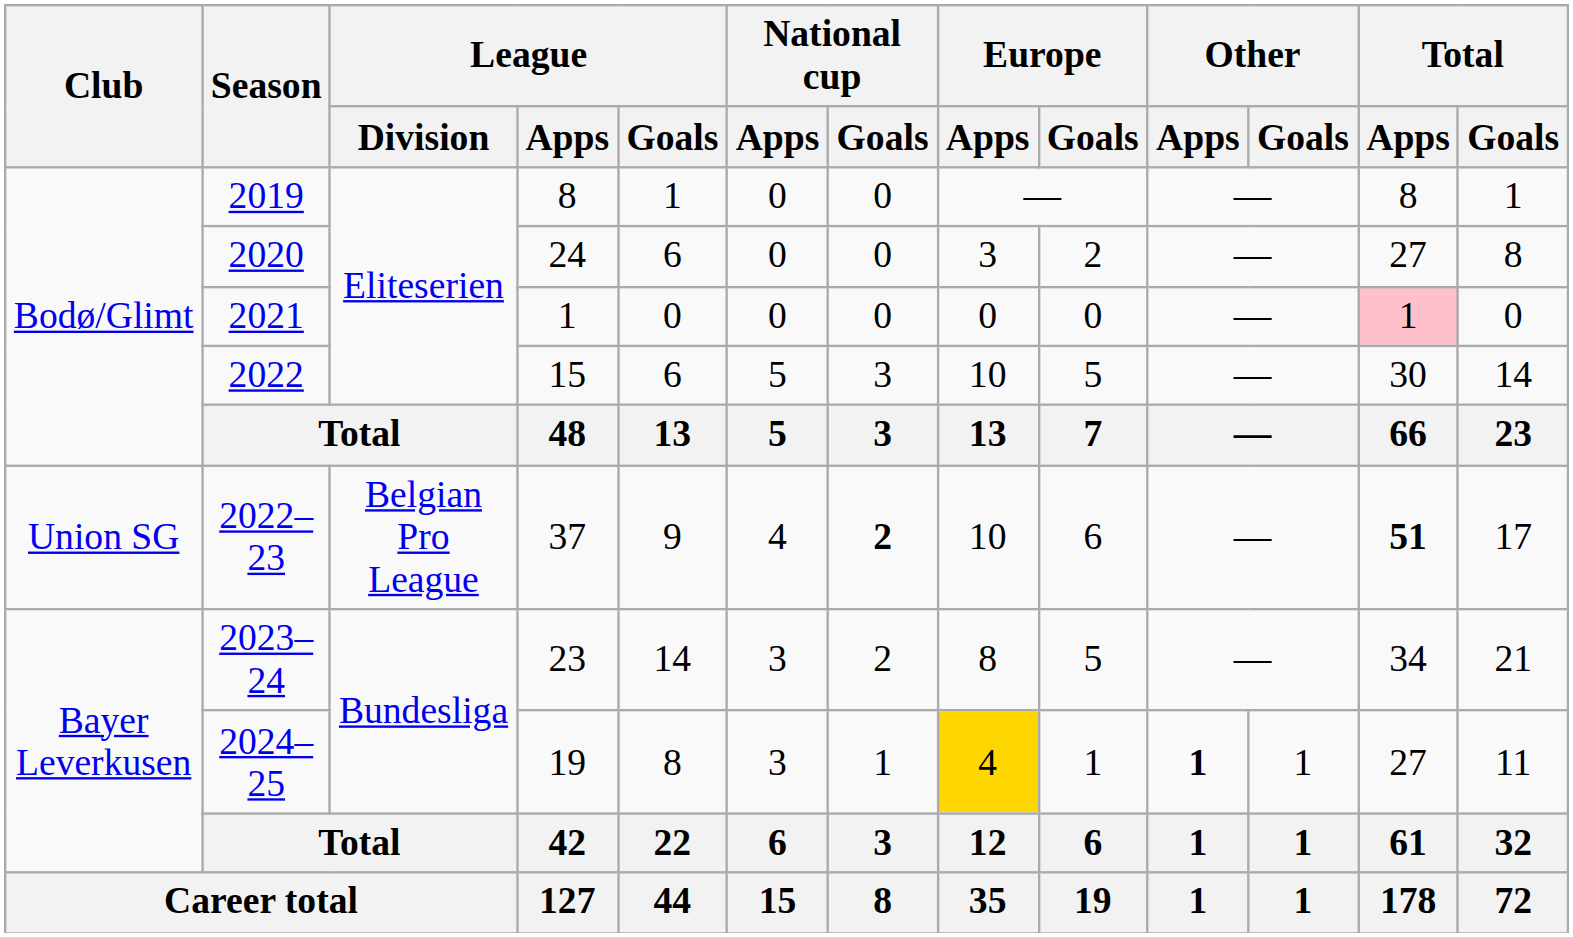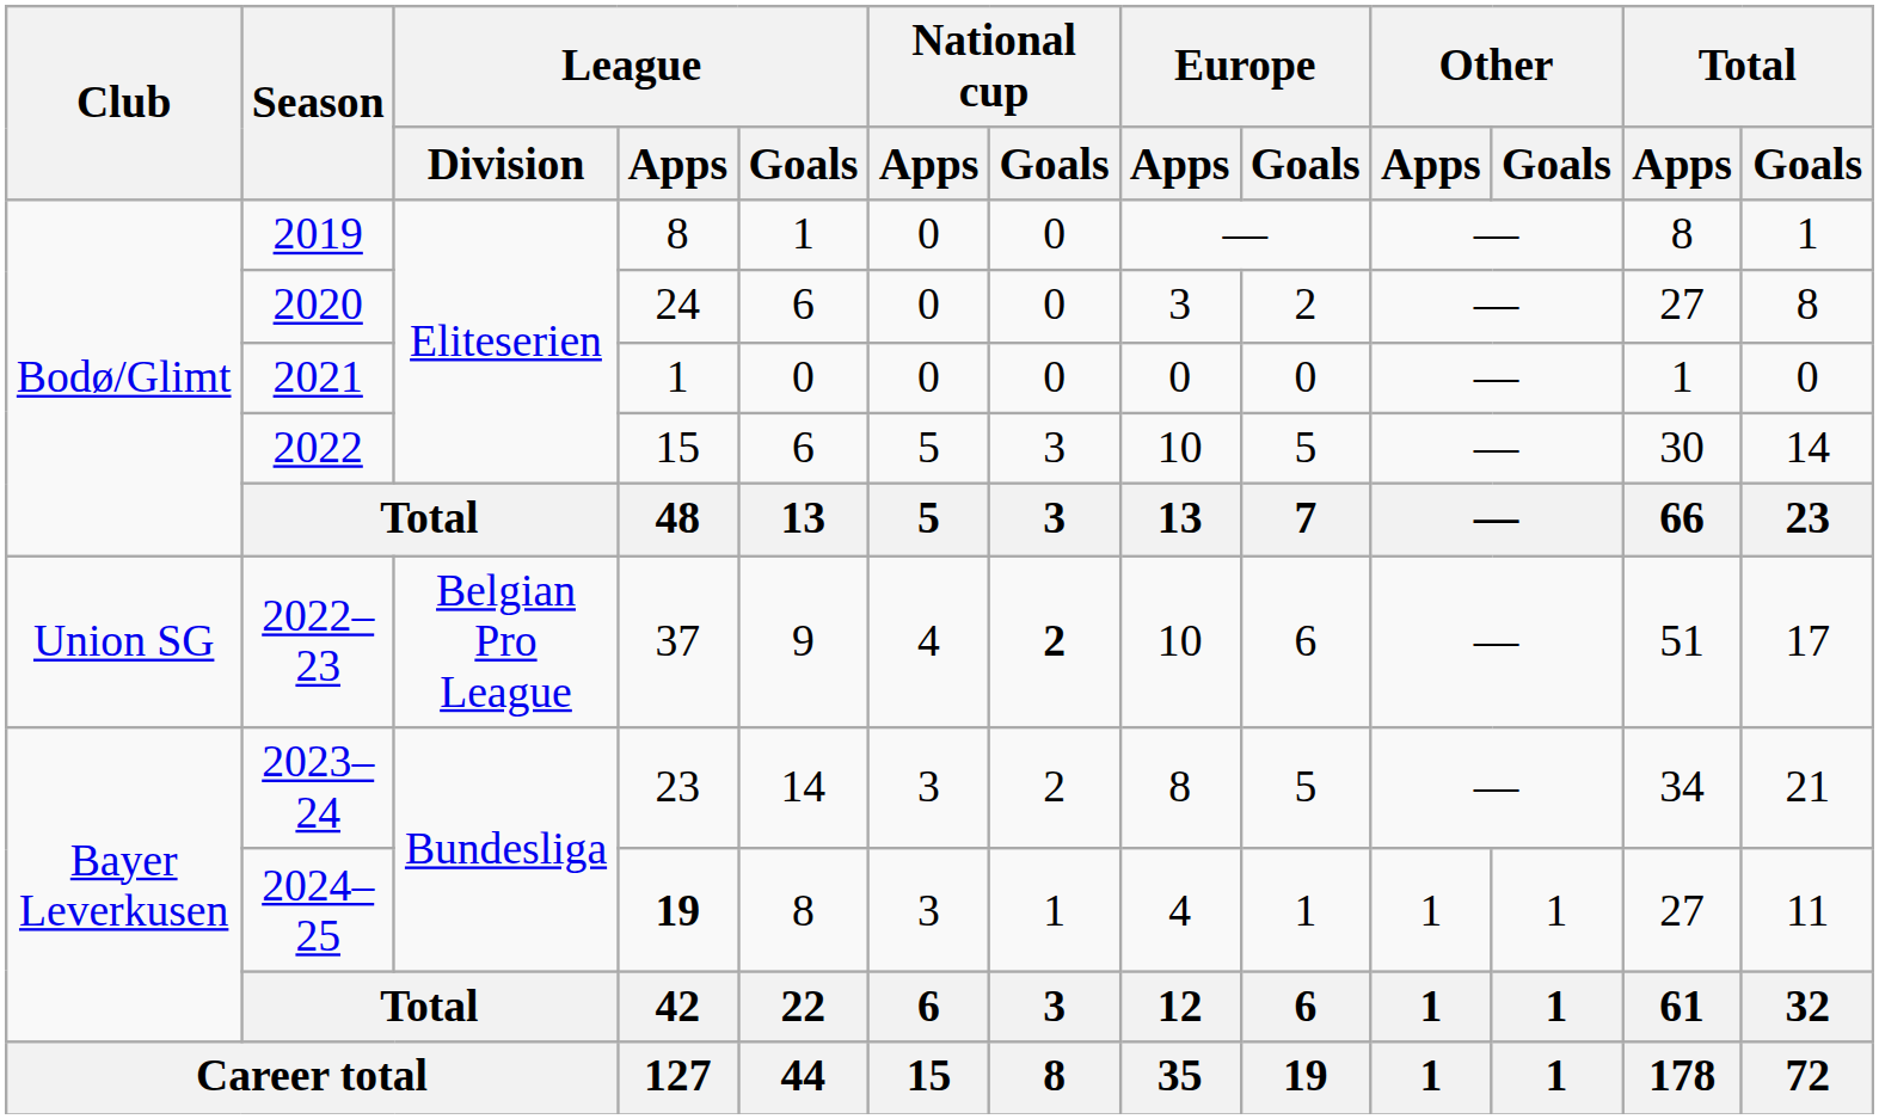 <table class="wikitable" style="text-align:center">
 <tr>
 <th rowspan="2">Club</th>
 <th rowspan="2">Season</th>
 <th colspan="3">League</th>
 <th colspan="2">National cup</th>
 <th colspan="2">Europe</th>
 <th colspan="2">Other</th>
 <th colspan="2">Total</th>
 </tr>
 <tr>
 <th>Division</th>
 <th>Apps</th>
 <th>Goals</th>
 <th>Apps</th>
 <th>Goals</th>
 <th>Apps</th>
 <th>Goals</th>
 <th>Apps</th>
 <th>Goals</th>
 <th>Apps</th>
 <th>Goals</th>
 </tr>
 <tr>
 <td rowspan="5"><a href='#'>Bodø/Glimt</a></td>
 <td><a href='#'>2019</a></td>
 <td rowspan="4"><a href='#'>Eliteserien</a></td>
 <td>8</td>
 <td>1</td>
 <td>0</td>
 <td>0</td>
 <td colspan="2">—</td>
 <td colspan="2">—</td>
 <td>8</td>
 <td>1</td>
 </tr>
 <tr>
 <td><a href='#'>2020</a></td>
 <td>24</td>
 <td>6</td>
 <td>0</td>
 <td>0</td>
 <td>3</td>
 <td>2</td>
 <td colspan="2">—</td>
 <td>27</td>
 <td>8</td>
 </tr>
 <tr>
 <td><a href='#'>2021</a></td>
 <td>1</td>
 <td>0</td>
 <td>0</td>
 <td>0</td>
 <td>0</td>
 <td>0</td>
 <td colspan="2">—</td>
-<td style="background: pink;">1</td>
+<td>1</td>
 <td>0</td>
 </tr>
 <tr>
 <td><a href='#'>2022</a></td>
 <td>15</td>
 <td>6</td>
 <td>5</td>
 <td>3</td>
 <td>10</td>
 <td>5</td>
 <td colspan="2">—</td>
 <td>30</td>
 <td>14</td>
 </tr>
 <tr>
 <th colspan="2">Total</th>
 <th>48</th>
 <th>13</th>
 <th>5</th>
 <th>3</th>
 <th>13</th>
 <th>7</th>
 <th colspan="2">—</th>
 <th>66</th>
 <th>23</th>
 </tr>
 <tr>
 <td><a href='#'>Union SG</a></td>
 <td><a href='#'>2022–23</a></td>
 <td><a href='#'>Belgian Pro League</a></td>
 <td>37</td>
 <td>9</td>
 <td>4</td>
 <td><strong>2</strong></td>
 <td>10</td>
 <td>6</td>
 <td colspan="2">—</td>
-<td><strong>51</strong></td>
+<td>51</td>
 <td>17</td>
 </tr>
 <tr>
 <td rowspan="3"><a href='#'>Bayer Leverkusen</a></td>
 <td><a href='#'>2023–24</a></td>
 <td rowspan="2"><a href='#'>Bundesliga</a></td>
 <td>23</td>
 <td>14</td>
 <td>3</td>
 <td>2</td>
 <td>8</td>
 <td>5</td>
 <td colspan="2">—</td>
 <td>34</td>
 <td>21</td>
 </tr>
 <tr>
 <td><a href='#'>2024–25</a></td>
-<td>19</td>
+<td><strong>19</strong></td>
 <td>8</td>
 <td>3</td>
 <td>1</td>
-<td style="background: gold;">4</td>
+<td>4</td>
 <td>1</td>
-<td><strong>1</strong></td>
+<td>1</td>
 <td>1</td>
 <td>27</td>
 <td>11</td>
 </tr>
 <tr>
 <th colspan="2">Total</th>
 <th>42</th>
 <th>22</th>
 <th>6</th>
 <th>3</th>
 <th>12</th>
 <th>6</th>
 <th>1</th>
 <th>1</th>
 <th>61</th>
 <th>32</th>
 </tr>
 <tr>
 <th colspan="3">Career total</th>
 <th>127</th>
 <th>44</th>
 <th>15</th>
 <th>8</th>
 <th>35</th>
 <th>19</th>
 <th>1</th>
 <th>1</th>
 <th>178</th>
 <th>72</th>
 </tr>
 </table>
